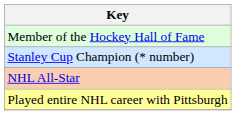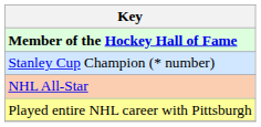 <table class="wikitable">
 <tr>
 <th scope="col">Key</th>
 </tr>
 <tr bgcolor=DDFFDD>
-<td>Member of the <a href='#'>Hockey Hall of Fame</a></td>
+<td><strong>Member of the <a href='#'>Hockey Hall of Fame</a></strong></td>
 </tr>
 <tr bgcolor=D0E7FF>
 <td><a href='#'>Stanley Cup</a> Champion (* number)</td>
 </tr>
 <tr bgcolor=FBCEB1>
 <td><a href='#'>NHL All-Star</a></td>
 </tr>
 <tr bgcolor=FFFF99>
 <td>Played entire NHL career with Pittsburgh</td>
 </tr>
 <tr>
 </tr>
 </table>
